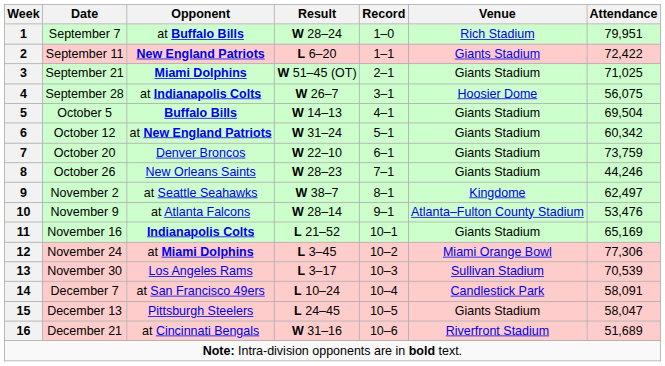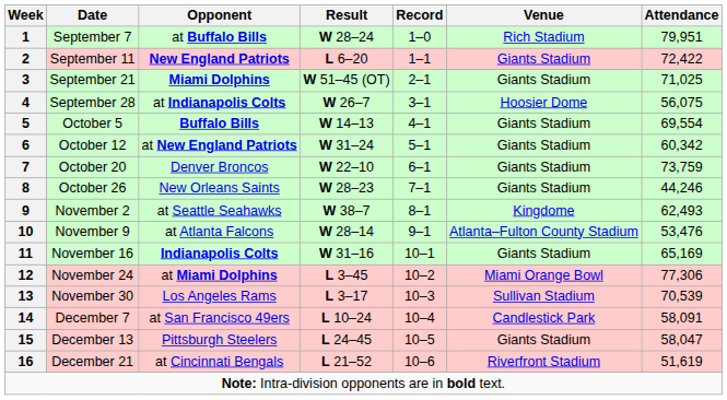 <table class="wikitable" style="text-align:center">
 <tr>
 <th>Week</th>
 <th>Date</th>
 <th>Opponent</th>
 <th>Result</th>
 <th>Record</th>
 <th>Venue</th>
 <th>Attendance</th>
 </tr>
 <tr style="background:#cfc">
 <th>1</th>
 <td>September 7</td>
 <td>at <strong><a href='#'>Buffalo Bills</a></strong></td>
 <td><strong>W</strong> 28–24</td>
 <td>1–0</td>
 <td><a href='#'>Rich Stadium</a></td>
 <td>79,951</td>
 </tr>
 <tr style="background:#fcc">
 <th>2</th>
 <td>September 11</td>
 <td><strong><a href='#'>New England Patriots</a></strong></td>
 <td><strong>L</strong> 6–20</td>
 <td>1–1</td>
 <td><a href='#'>Giants Stadium</a></td>
 <td>72,422</td>
 </tr>
 <tr style="background:#cfc">
 <th>3</th>
 <td>September 21</td>
 <td><strong><a href='#'>Miami Dolphins</a></strong></td>
 <td><strong>W</strong> 51–45 (OT)</td>
 <td>2–1</td>
 <td>Giants Stadium</td>
 <td>71,025</td>
 </tr>
 <tr style="background:#cfc">
 <th>4</th>
 <td>September 28</td>
 <td>at <strong><a href='#'>Indianapolis Colts</a></strong></td>
 <td><strong>W</strong> 26–7</td>
 <td>3–1</td>
 <td><a href='#'>Hoosier Dome</a></td>
 <td>56,075</td>
 </tr>
 <tr style="background:#cfc">
 <th>5</th>
 <td>October 5</td>
 <td><strong><a href='#'>Buffalo Bills</a></strong></td>
 <td><strong>W</strong> 14–13</td>
 <td>4–1</td>
 <td>Giants Stadium</td>
-<td>69,504</td>
+<td>69,554</td>
 </tr>
 <tr style="background:#cfc">
 <th>6</th>
 <td>October 12</td>
 <td>at <strong><a href='#'>New England Patriots</a></strong></td>
 <td><strong>W</strong> 31–24</td>
 <td>5–1</td>
 <td>Giants Stadium</td>
 <td>60,342</td>
 </tr>
 <tr style="background:#cfc">
 <th>7</th>
 <td>October 20</td>
 <td><a href='#'>Denver Broncos</a></td>
 <td><strong>W</strong> 22–10</td>
 <td>6–1</td>
 <td>Giants Stadium</td>
 <td>73,759</td>
 </tr>
 <tr style="background:#cfc">
 <th>8</th>
 <td>October 26</td>
 <td><a href='#'>New Orleans Saints</a></td>
 <td><strong>W</strong> 28–23</td>
 <td>7–1</td>
 <td>Giants Stadium</td>
 <td>44,246</td>
 </tr>
 <tr style="background:#cfc">
 <th>9</th>
 <td>November 2</td>
 <td>at <a href='#'>Seattle Seahawks</a></td>
 <td><strong>W</strong> 38–7</td>
 <td>8–1</td>
 <td><a href='#'>Kingdome</a></td>
-<td>62,497</td>
+<td>62,493</td>
 </tr>
 <tr style="background:#cfc">
 <th>10</th>
 <td>November 9</td>
 <td>at <a href='#'>Atlanta Falcons</a></td>
 <td><strong>W</strong> 28–14</td>
 <td>9–1</td>
 <td><a href='#'>Atlanta–Fulton County Stadium</a></td>
 <td>53,476</td>
 </tr>
 <tr style="background:#cfc">
 <th>11</th>
 <td>November 16</td>
 <td><strong><a href='#'>Indianapolis Colts</a></strong></td>
-<td><strong>L</strong> 21–52</td>
+<td><strong>W</strong> 31–16</td>
 <td>10–1</td>
 <td>Giants Stadium</td>
 <td>65,169</td>
 </tr>
 <tr style="background:#fcc">
 <th>12</th>
 <td>November 24</td>
 <td>at <strong><a href='#'>Miami Dolphins</a></strong></td>
 <td><strong>L</strong> 3–45</td>
 <td>10–2</td>
 <td><a href='#'>Miami Orange Bowl</a></td>
 <td>77,306</td>
 </tr>
 <tr style="background:#fcc">
 <th>13</th>
 <td>November 30</td>
 <td><a href='#'>Los Angeles Rams</a></td>
 <td><strong>L</strong> 3–17</td>
 <td>10–3</td>
 <td><a href='#'>Sullivan Stadium</a></td>
 <td>70,539</td>
 </tr>
 <tr style="background:#fcc">
 <th>14</th>
 <td>December 7</td>
 <td>at <a href='#'>San Francisco 49ers</a></td>
 <td><strong>L</strong> 10–24</td>
 <td>10–4</td>
 <td><a href='#'>Candlestick Park</a></td>
 <td>58,091</td>
 </tr>
 <tr style="background:#fcc">
 <th>15</th>
 <td>December 13</td>
 <td><a href='#'>Pittsburgh Steelers</a></td>
 <td><strong>L</strong> 24–45</td>
 <td>10–5</td>
 <td>Giants Stadium</td>
 <td>58,047</td>
 </tr>
 <tr style="background:#fcc">
 <th>16</th>
 <td>December 21</td>
 <td>at <a href='#'>Cincinnati Bengals</a></td>
-<td><strong>W</strong> 31–16</td>
+<td><strong>L</strong> 21–52</td>
 <td>10–6</td>
 <td><a href='#'>Riverfront Stadium</a></td>
-<td>51,689</td>
+<td>51,619</td>
 </tr>
 <tr>
 <td colspan="8"><strong>Note:</strong> Intra-division opponents are in <strong>bold</strong> text.</td>
 </tr>
 </table>
